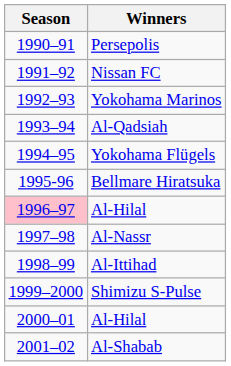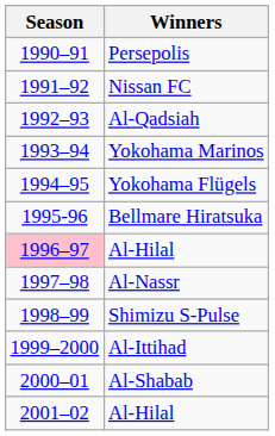 <table class="wikitable floatright" style="text-align:center; font-size:85%">
 <tr>
 <th>Season</th>
 <th>Winners</th>
 </tr>
 <tr>
 <td><a href='#'>1990–91</a></td>
 <td align=left> <a href='#'>Persepolis</a></td>
 </tr>
 <tr>
 <td><a href='#'>1991–92</a></td>
 <td align=left> <a href='#'>Nissan FC</a></td>
 </tr>
 <tr>
 <td><a href='#'>1992–93</a></td>
-<td align=left> <a href='#'>Yokohama Marinos</a></td>
+<td align=left> <a href='#'>Al-Qadsiah</a></td>
 </tr>
 <tr>
 <td><a href='#'>1993–94</a></td>
-<td align=left> <a href='#'>Al-Qadsiah</a></td>
+<td align=left> <a href='#'>Yokohama Marinos</a></td>
 </tr>
 <tr>
 <td><a href='#'>1994–95</a></td>
 <td align=left> <a href='#'>Yokohama Flügels</a></td>
 </tr>
 <tr>
 <td><a href='#'>1995-96</a></td>
 <td align=left> <a href='#'>Bellmare Hiratsuka</a></td>
 </tr>
 <tr>
 <td style="background: pink;"><a href='#'>1996–97</a></td>
 <td align=left> <a href='#'>Al-Hilal</a></td>
 </tr>
 <tr>
 <td><a href='#'>1997–98</a></td>
 <td align=left> <a href='#'>Al-Nassr</a></td>
 </tr>
 <tr>
 <td><a href='#'>1998–99</a></td>
+<td align=left> <a href='#'>Shimizu S-Pulse</a></td>
+</tr>
+<tr>
+<td><a href='#'>1999–2000</a></td>
 <td align=left> <a href='#'>Al-Ittihad</a></td>
 </tr>
 <tr>
-<td><a href='#'>1999–2000</a></td>
-<td align=left> <a href='#'>Shimizu S-Pulse</a></td>
-</tr>
-<tr>
 <td><a href='#'>2000–01</a></td>
-<td align=left> <a href='#'>Al-Hilal</a></td>
+<td align=left> <a href='#'>Al-Shabab</a></td>
 </tr>
 <tr>
 <td><a href='#'>2001–02</a></td>
-<td align=left> <a href='#'>Al-Shabab</a></td>
+<td align=left> <a href='#'>Al-Hilal</a></td>
 </tr>
 </table>
